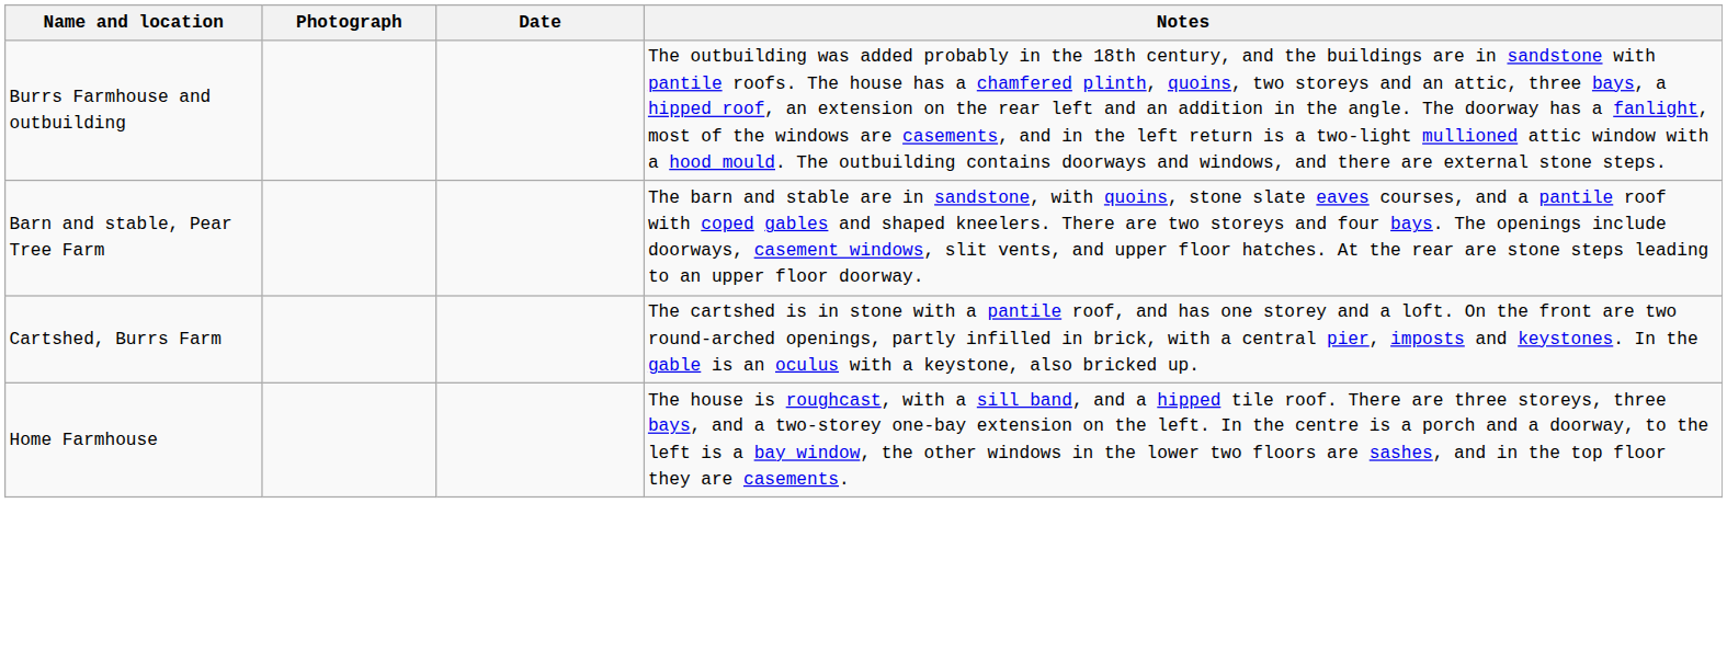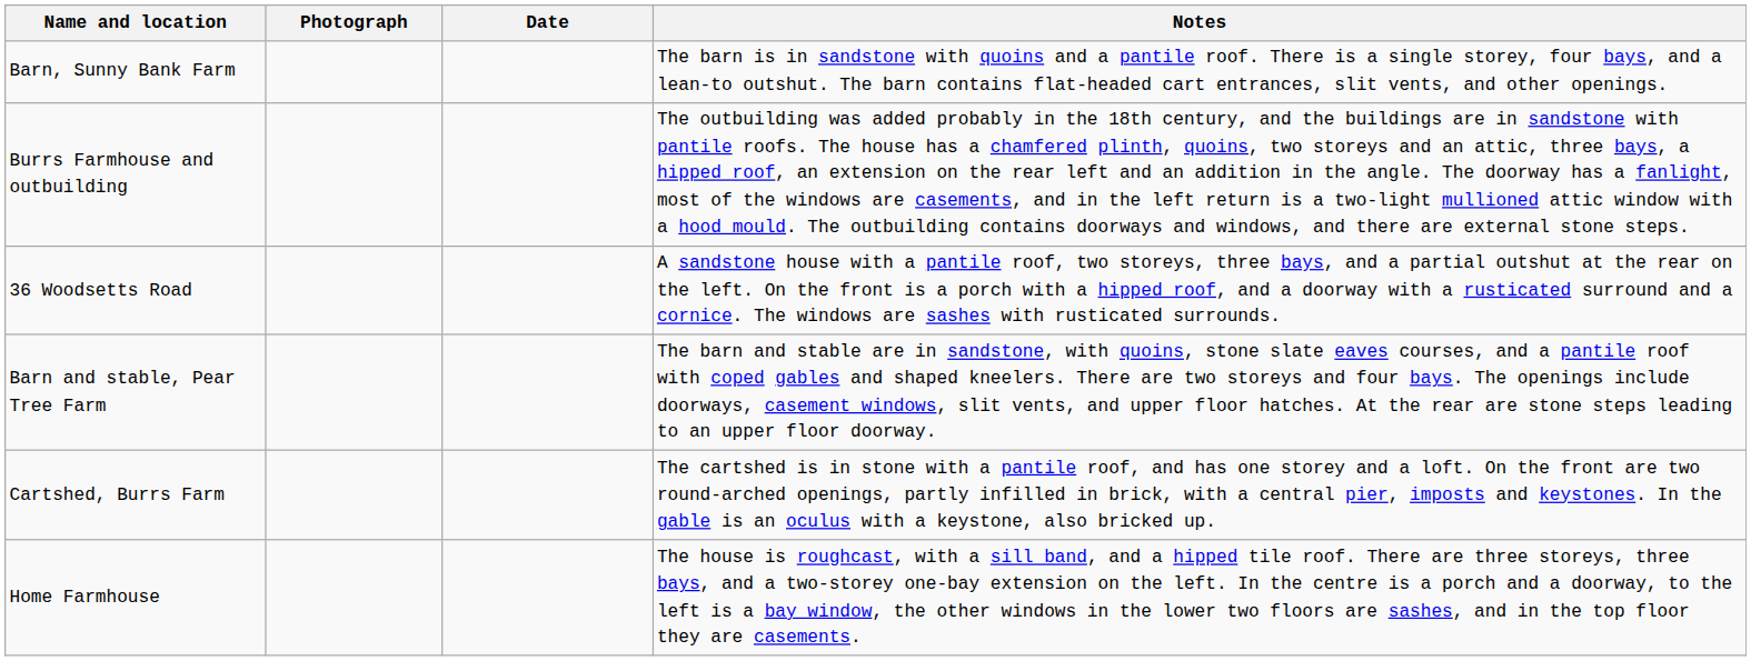 <table class="wikitable sortable plainrowheaders" style="width:100%;border:0px;text-align:left;line-height:150%;">
 <tr>
 <th scope="col"  style="width:150px">Name and location</th>
 <th scope="col"  style="width:100px" class="unsortable">Photograph</th>
 <th scope="col"  style="width:120px">Date</th>
 <th scope="col"  style="width:650px" class="unsortable">Notes</th>
 </tr>
 <tr>
+<td>Barn, Sunny Bank Farm<br><small></small></td>
+<td></td>
+<td align="center"></td>
+<td>The barn is in <a href='#'>sandstone</a> with <a href='#'>quoins</a> and a <a href='#'>pantile</a> roof.  There is a single storey, four <a href='#'>bays</a>, and a lean-to outshut.  The barn contains flat-headed cart entrances, slit vents, and other openings.</td>
+</tr>
+<tr>
 <td>Burrs Farmhouse and outbuilding<br><small></small></td>
 <td></td>
 <td align="center"></td>
 <td>The outbuilding was added probably in the 18th century, and the buildings are in <a href='#'>sandstone</a> with <a href='#'>pantile</a> roofs.  The house has a <a href='#'>chamfered</a> <a href='#'>plinth</a>, <a href='#'>quoins</a>, two storeys and an attic, three <a href='#'>bays</a>, a <a href='#'>hipped roof</a>, an extension on the rear left and an addition in the angle.  The doorway has a <a href='#'>fanlight</a>, most of the windows are <a href='#'>casements</a>, and in the left return is a two-light <a href='#'>mullioned</a> attic window with a <a href='#'>hood mould</a>.  The outbuilding contains doorways and windows, and there are external stone steps.</td>
+</tr>
+<tr>
+<td>36 Woodsetts Road<br><small></small></td>
+<td></td>
+<td align="center"></td>
+<td>A <a href='#'>sandstone</a> house with a <a href='#'>pantile</a> roof, two storeys, three <a href='#'>bays</a>, and a partial outshut at  the rear on the left.  On the front is a porch with a <a href='#'>hipped roof</a>, and a doorway with a <a href='#'>rusticated</a> surround and a <a href='#'>cornice</a>.  The windows are <a href='#'>sashes</a> with rusticated surrounds.</td>
 </tr>
 <tr>
 <td>Barn and stable, Pear Tree Farm<br><small></small></td>
 <td></td>
 <td align="center"></td>
 <td>The barn and stable are in <a href='#'>sandstone</a>, with <a href='#'>quoins</a>, stone slate <a href='#'>eaves</a> courses, and a <a href='#'>pantile</a> roof with <a href='#'>coped</a> <a href='#'>gables</a> and shaped kneelers.  There are two storeys and four <a href='#'>bays</a>.  The openings include doorways, <a href='#'>casement windows</a>, slit vents, and upper floor hatches.  At the rear are stone steps leading to an upper floor doorway.</td>
 </tr>
 <tr>
 <td>Cartshed, Burrs Farm<br><small></small></td>
 <td></td>
 <td align="center"></td>
 <td>The cartshed is in stone with a <a href='#'>pantile</a> roof, and has one storey and a loft. On the front are two round-arched openings, partly infilled in brick, with a central <a href='#'>pier</a>, <a href='#'>imposts</a> and <a href='#'>keystones</a>.  In the <a href='#'>gable</a> is an <a href='#'>oculus</a> with a keystone, also bricked up.</td>
 </tr>
 <tr>
 <td>Home Farmhouse<br><small></small></td>
 <td></td>
 <td align="center"></td>
 <td>The house is <a href='#'>roughcast</a>, with a <a href='#'>sill band</a>, and a <a href='#'>hipped</a> tile roof.  There are three storeys, three <a href='#'>bays</a>, and a two-storey one-bay extension on the left.  In the centre is a porch and a doorway, to the left is a <a href='#'>bay window</a>, the other windows in the lower two floors are <a href='#'>sashes</a>, and in the top floor they are <a href='#'>casements</a>.</td>
 </tr>
 <tr>
 </tr>
 </table>
